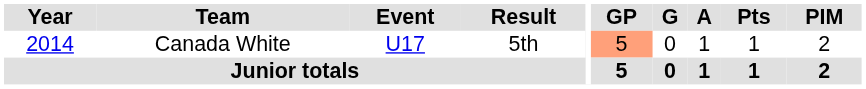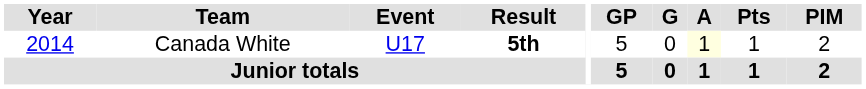 <table border="0" cellpadding="1" cellspacing="0" ID="Table3" style="text-align:center; width:40em">
 <tr ALIGN="center" bgcolor="#e0e0e0">
 <th>Year</th>
 <th>Team</th>
 <th>Event</th>
 <th>Result</th>
 <th rowspan="102" bgcolor="#ffffff"></th>
 <th>GP</th>
 <th>G</th>
 <th>A</th>
 <th>Pts</th>
 <th>PIM</th>
 </tr>
 <tr>
 <td><a href='#'>2014</a></td>
 <td>Canada White</td>
 <td><a href='#'>U17</a></td>
-<td>5th</td>
-<td style="background: lightsalmon;">5</td>
+<td><strong>5th</strong></td>
+<td>5</td>
 <td>0</td>
-<td>1</td>
+<td style="background: lightyellow;">1</td>
 <td>1</td>
 <td>2</td>
 </tr>
 <tr bgcolor="#e0e0e0">
 <th colspan="4">Junior totals</th>
 <th>5</th>
 <th>0</th>
 <th>1</th>
 <th>1</th>
 <th>2</th>
 </tr>
 </table>
